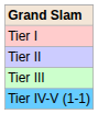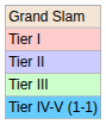 <table class="wikitable">
 <tr>
 </tr>
 <tr style="background:#f3e6d7;">
-<td><strong>Grand Slam</strong></td>
+<td>Grand Slam</td>
 </tr>
 <tr style="background:#fcc;">
 <td>Tier I</td>
 </tr>
 <tr style="background:#ccf;">
 <td>Tier II</td>
 </tr>
 <tr style="background:#cfc;">
 <td>Tier III</td>
 </tr>
 <tr style="background:#6cf;">
 <td>Tier IV-V (1-1)</td>
 </tr>
 </table>
